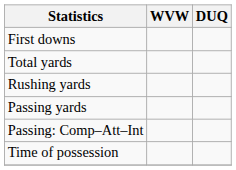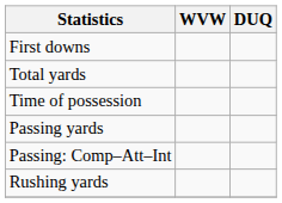 <table class="wikitable" style="float: left;">
 <tr>
 <th>Statistics</th>
 <th>WVW</th>
 <th>DUQ</th>
 </tr>
 <tr>
 <td>First downs</td>
 <td></td>
 <td></td>
 </tr>
 <tr>
 <td>Total yards</td>
 <td></td>
 <td></td>
 </tr>
 <tr>
-<td>Rushing yards</td>
+<td>Time of possession</td>
 <td></td>
 <td></td>
 </tr>
 <tr>
 <td>Passing yards</td>
 <td></td>
 <td></td>
 </tr>
 <tr>
 <td>Passing: Comp–Att–Int</td>
 <td></td>
 <td></td>
 </tr>
 <tr>
-<td>Time of possession</td>
+<td>Rushing yards</td>
 <td></td>
 <td></td>
 </tr>
 <tr>
 </tr>
 </table>
